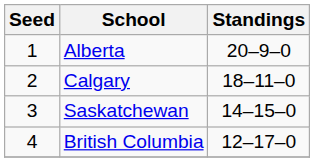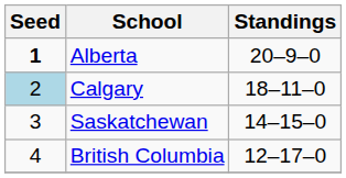 <table class="wikitable">
 <tr>
 <th>Seed</th>
 <th>School</th>
 <th>Standings</th>
 </tr>
 <tr>
-<td align=center>1</td>
+<td align=center><strong>1</strong></td>
 <td><a href='#'>Alberta</a></td>
 <td align=center>20–9–0</td>
 </tr>
 <tr>
-<td align=center>2</td>
+<td align=center style="background: lightblue;">2</td>
 <td><a href='#'>Calgary</a></td>
 <td align=center>18–11–0</td>
 </tr>
 <tr>
 <td align=center>3</td>
 <td><a href='#'>Saskatchewan</a></td>
 <td align=center>14–15–0</td>
 </tr>
 <tr>
 <td align=center>4</td>
 <td><a href='#'>British Columbia</a></td>
 <td align=center>12–17–0</td>
 </tr>
 <tr>
 </tr>
 </table>
